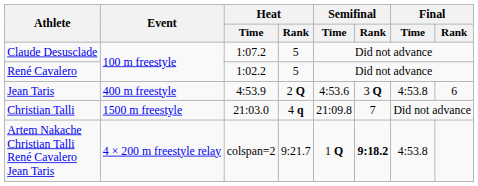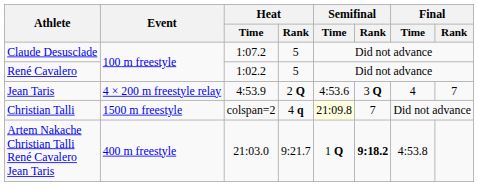 <table class=wikitable style="font-size:90%;">
 <tr>
 <th rowspan=2>Athlete</th>
 <th rowspan=2>Event</th>
 <th colspan=2>Heat</th>
 <th colspan=2>Semifinal</th>
 <th colspan=2>Final</th>
 </tr>
 <tr style="font-size:95%">
 <th>Time</th>
 <th>Rank</th>
 <th>Time</th>
 <th>Rank</th>
 <th>Time</th>
 <th>Rank</th>
 </tr>
 <tr align=center>
 <td align=left><a href='#'>Claude Desusclade</a></td>
 <td rowspan=2 align=left><a href='#'>100 m freestyle</a></td>
 <td>1:07.2</td>
 <td>5</td>
 <td colspan=4>Did not advance</td>
 </tr>
 <tr align=center>
 <td align=left><a href='#'>René Cavalero</a></td>
 <td>1:02.2</td>
 <td>5</td>
 <td colspan=4>Did not advance</td>
 </tr>
 <tr align=center>
 <td align=left><a href='#'>Jean Taris</a></td>
-<td align=left><a href='#'>400 m freestyle</a></td>
+<td align=left><a href='#'>4 × 200 m freestyle relay</a></td>
 <td>4:53.9</td>
 <td>2 <strong>Q</strong></td>
 <td>4:53.6</td>
 <td>3 <strong>Q</strong></td>
-<td>4:53.8</td>
-<td>6</td>
+<td>4</td>
+<td>7</td>
 </tr>
 <tr align=center>
 <td align=left><a href='#'>Christian Talli</a></td>
 <td align=left><a href='#'>1500 m freestyle</a></td>
-<td>21:03.0</td>
+<td>colspan=2 </td>
 <td>4 <strong>q</strong></td>
-<td>21:09.8</td>
+<td style="background: lightyellow;">21:09.8</td>
 <td>7</td>
 <td colspan=2>Did not advance</td>
 </tr>
 <tr align=center>
 <td align=left><a href='#'>Artem Nakache</a><br><a href='#'>Christian Talli</a><br><a href='#'>René Cavalero</a><br><a href='#'>Jean Taris</a></td>
-<td align=left><a href='#'>4 × 200 m freestyle relay</a></td>
-<td>colspan=2 </td>
+<td align=left><a href='#'>400 m freestyle</a></td>
+<td>21:03.0</td>
 <td>9:21.7</td>
 <td>1 <strong>Q</strong></td>
 <td><strong>9:18.2</strong></td>
 <td>4:53.8</td>
 </tr>
 </table>
